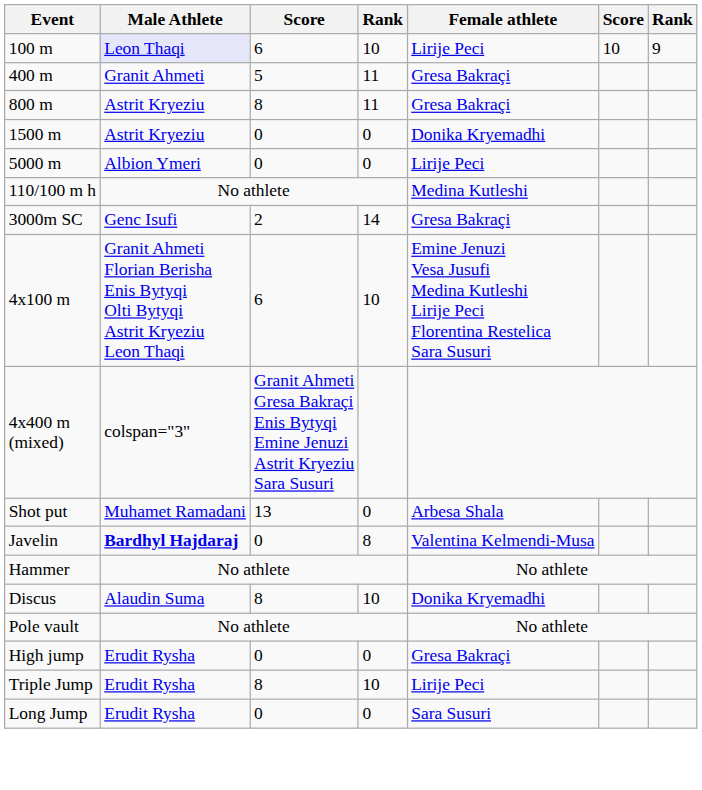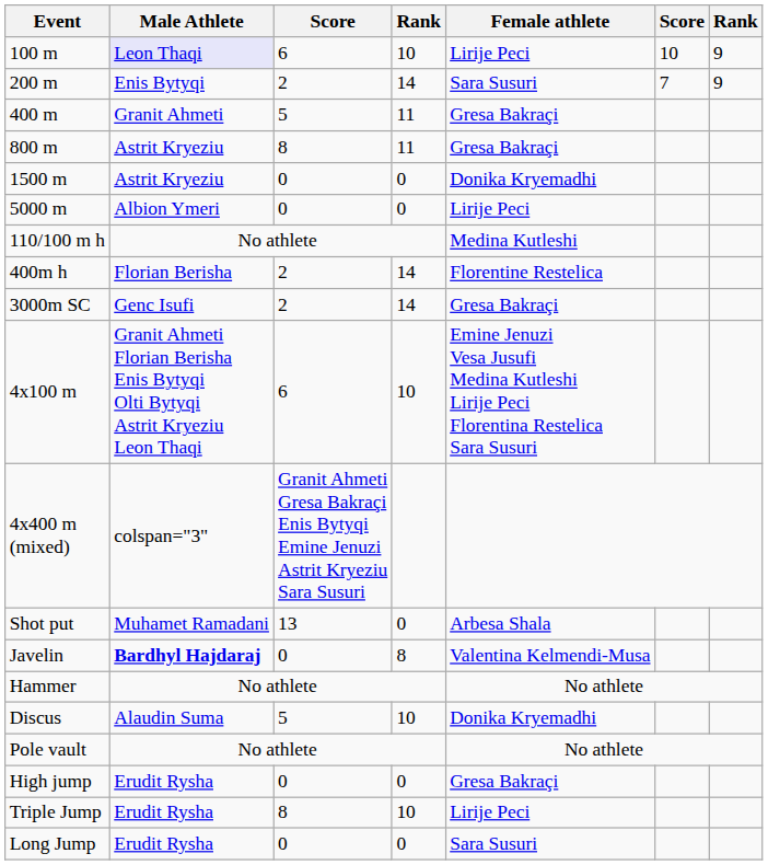 <table class="wikitable" style="text-align:left; font-size:90%">
 <tr>
 <th>Event</th>
 <th>Male Athlete</th>
 <th>Score</th>
 <th>Rank</th>
 <th>Female athlete</th>
 <th>Score</th>
 <th>Rank</th>
 </tr>
 <tr>
 <td align="left">100 m</td>
 <td style="background: lavender;"><a href='#'>Leon Thaqi</a></td>
 <td>6</td>
 <td>10</td>
 <td><a href='#'>Lirije Peci</a></td>
 <td>10</td>
+<td>9</td>
+</tr>
+<tr>
+<td>200 m</td>
+<td><a href='#'>Enis Bytyqi</a></td>
+<td>2</td>
+<td>14</td>
+<td><a href='#'>Sara Susuri</a></td>
+<td>7</td>
 <td>9</td>
 </tr>
 <tr>
 <td>400 m</td>
 <td><a href='#'>Granit Ahmeti</a></td>
 <td>5</td>
 <td>11</td>
 <td><a href='#'>Gresa Bakraçi</a></td>
 <td></td>
 <td></td>
 </tr>
 <tr>
 <td>800 m</td>
 <td><a href='#'>Astrit Kryeziu</a></td>
 <td>8</td>
 <td>11</td>
 <td><a href='#'>Gresa Bakraçi</a></td>
 <td></td>
 <td></td>
 </tr>
 <tr>
 <td>1500 m</td>
 <td><a href='#'>Astrit Kryeziu</a></td>
 <td>0</td>
 <td>0</td>
 <td><a href='#'>Donika Kryemadhi</a></td>
 <td></td>
 <td></td>
 </tr>
 <tr>
 <td>5000 m</td>
 <td><a href='#'>Albion Ymeri</a></td>
 <td>0</td>
 <td>0</td>
 <td><a href='#'>Lirije Peci</a></td>
 <td></td>
 <td></td>
 </tr>
 <tr>
 <td>110/100 m h</td>
 <td colspan=3 align=center>No athlete</td>
 <td><a href='#'>Medina Kutleshi</a></td>
+<td></td>
+<td></td>
+</tr>
+<tr>
+<td>400m h</td>
+<td><a href='#'>Florian Berisha</a></td>
+<td>2</td>
+<td>14</td>
+<td><a href='#'>Florentine Restelica</a></td>
 <td></td>
 <td></td>
 </tr>
 <tr>
 <td>3000m SC</td>
 <td><a href='#'>Genc Isufi</a></td>
 <td>2</td>
 <td>14</td>
 <td><a href='#'>Gresa Bakraçi</a></td>
 <td></td>
 <td></td>
 </tr>
 <tr>
 <td>4x100 m</td>
 <td><a href='#'>Granit Ahmeti</a><br><a href='#'>Florian Berisha</a><br><a href='#'>Enis Bytyqi</a><br><a href='#'>Olti Bytyqi</a><br><a href='#'>Astrit Kryeziu</a><br><a href='#'>Leon Thaqi</a></td>
 <td>6</td>
 <td>10</td>
 <td><a href='#'>Emine Jenuzi</a><br><a href='#'>Vesa Jusufi</a><br><a href='#'>Medina Kutleshi</a><br><a href='#'>Lirije Peci</a><br><a href='#'>Florentina Restelica</a><br><a href='#'>Sara Susuri</a></td>
 <td></td>
 <td></td>
 </tr>
 <tr>
 <td>4x400 m<br>(mixed)</td>
 <td>colspan="3" </td>
 <td><a href='#'>Granit Ahmeti</a><br><a href='#'>Gresa Bakraçi</a><br><a href='#'>Enis Bytyqi</a><br><a href='#'>Emine Jenuzi</a><br><a href='#'>Astrit Kryeziu</a><br><a href='#'>Sara Susuri</a></td>
 <td></td>
 </tr>
 <tr>
 <td>Shot put</td>
 <td><a href='#'>Muhamet Ramadani</a></td>
 <td>13</td>
 <td>0</td>
 <td><a href='#'>Arbesa Shala</a></td>
 <td></td>
 <td></td>
 </tr>
 <tr>
 <td>Javelin</td>
 <td><strong><a href='#'>Bardhyl Hajdaraj</a></strong></td>
 <td>0</td>
 <td>8</td>
 <td><a href='#'>Valentina Kelmendi-Musa</a></td>
 <td></td>
 <td></td>
 </tr>
 <tr>
 <td>Hammer</td>
 <td colspan=3 align=center>No athlete</td>
 <td colspan=3 align=center>No athlete</td>
 </tr>
 <tr>
 <td>Discus</td>
 <td><a href='#'>Alaudin Suma</a></td>
-<td>8</td>
+<td>5</td>
 <td>10</td>
 <td><a href='#'>Donika Kryemadhi</a></td>
 <td></td>
 <td></td>
 </tr>
 <tr>
 <td>Pole vault</td>
 <td colspan=3 align=center>No athlete</td>
 <td colspan=3 align=center>No athlete</td>
 </tr>
 <tr>
 <td>High jump</td>
 <td><a href='#'>Erudit Rysha</a></td>
 <td>0</td>
 <td>0</td>
 <td><a href='#'>Gresa Bakraçi</a></td>
 <td></td>
 <td></td>
 </tr>
 <tr>
 <td>Triple Jump</td>
 <td><a href='#'>Erudit Rysha</a></td>
 <td>8</td>
 <td>10</td>
 <td><a href='#'>Lirije Peci</a></td>
 <td></td>
 <td></td>
 </tr>
 <tr>
 <td>Long Jump</td>
 <td><a href='#'>Erudit Rysha</a></td>
 <td>0</td>
 <td>0</td>
 <td><a href='#'>Sara Susuri</a></td>
 <td></td>
 <td></td>
 </tr>
 </table>
